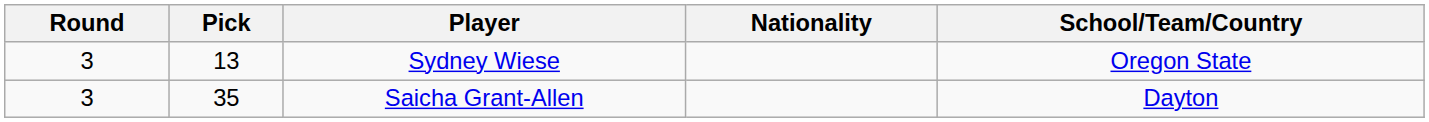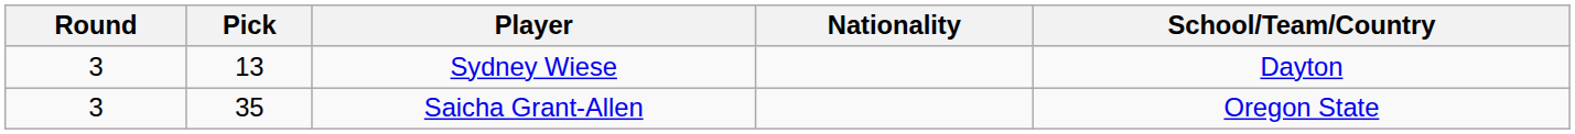 <table class="wikitable" style="text-align:center; width:60em">
 <tr>
 <th>Round</th>
 <th>Pick</th>
 <th>Player</th>
 <th>Nationality</th>
 <th>School/Team/Country</th>
 </tr>
 <tr>
 <td>3</td>
 <td>13</td>
 <td><a href='#'>Sydney Wiese</a></td>
 <td></td>
-<td><a href='#'>Oregon State</a></td>
+<td><a href='#'>Dayton</a></td>
 </tr>
 <tr>
 <td>3</td>
 <td>35</td>
 <td><a href='#'>Saicha Grant-Allen</a></td>
 <td></td>
-<td><a href='#'>Dayton</a></td>
+<td><a href='#'>Oregon State</a></td>
 </tr>
 </table>
